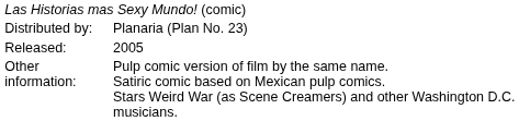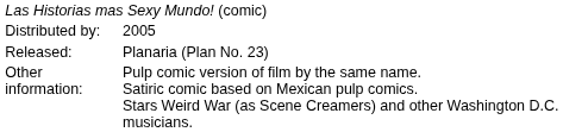 <table>
 <tr>
 <td valign="top" colspan="3"><em>Las Historias mas Sexy Mundo!</em> (comic)</td>
 </tr>
 <tr>
 <td valign="top">Distributed by:</td>
-<td valign="top">Planaria (Plan No. 23)</td>
+<td valign="top">2005</td>
 </tr>
 <tr>
 <td valign="top">Released:</td>
-<td valign="top">2005</td>
+<td valign="top">Planaria (Plan No. 23)</td>
 </tr>
 <tr>
 <td valign="top">Other information:</td>
 <td valign="top">Pulp comic version of film by the same name.<br>Satiric comic based on Mexican pulp comics.<br>Stars Weird War (as Scene Creamers) and other Washington D.C. musicians.</td>
 </tr>
 <tr>
 <td valign="top" colspan="3"></td>
 </tr>
 </table>
